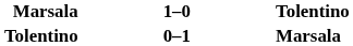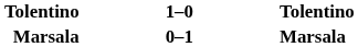 <table width="100%" cellspacing="1">
 <tr>
 <th width="20%"></th>
 <th width="12%"></th>
 <th width="20%"></th>
 <th></th>
 </tr>
 <tr style="font-size:90%;">
-<td align="right"><strong>Marsala</strong></td>
+<td align="right"><strong>Tolentino</strong></td>
 <td align="center"><strong>1–0</strong></td>
 <td align="left"><strong>Tolentino</strong></td>
 </tr>
 <tr style="font-size:90%;">
-<td align="right"><strong>Tolentino</strong></td>
+<td align="right"><strong>Marsala</strong></td>
 <td align="center"><strong>0–1</strong></td>
 <td align="left"><strong>Marsala</strong></td>
 </tr>
 </table>
